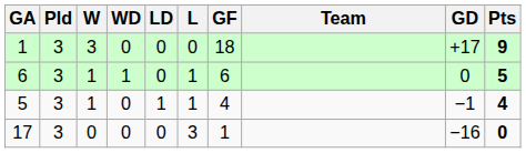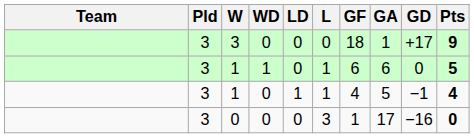 <table class="wikitable" style="text-align:center">
 <tr>
-<th width=20>GA</th>
+<th width=175>Team</th>
 <th width=20>Pld</th>
 <th width=20>W</th>
 <th width=20>WD</th>
 <th width=20>LD</th>
 <th width=20>L</th>
 <th width=20>GF</th>
-<th width=175>Team</th>
+<th width=20>GA</th>
 <th width=20>GD</th>
 <th width=20>Pts</th>
 </tr>
 <tr bgcolor=ccffcc>
-<td>1</td>
+<td align=left></td>
 <td>3</td>
 <td>3</td>
 <td>0</td>
 <td>0</td>
 <td>0</td>
 <td>18</td>
-<td align=left></td>
+<td>1</td>
 <td>+17</td>
 <td><strong>9</strong></td>
 </tr>
 <tr bgcolor=ccffcc>
-<td>6</td>
+<td align=left></td>
 <td>3</td>
 <td>1</td>
 <td>1</td>
 <td>0</td>
 <td>1</td>
 <td>6</td>
-<td align=left></td>
+<td>6</td>
 <td>0</td>
 <td><strong>5</strong></td>
 </tr>
 <tr>
-<td>5</td>
+<td align=left></td>
 <td>3</td>
 <td>1</td>
 <td>0</td>
 <td>1</td>
 <td>1</td>
 <td>4</td>
-<td align=left></td>
+<td>5</td>
 <td>−1</td>
 <td><strong>4</strong></td>
 </tr>
 <tr>
-<td>17</td>
+<td align=left></td>
 <td>3</td>
 <td>0</td>
 <td>0</td>
 <td>0</td>
 <td>3</td>
 <td>1</td>
-<td align=left></td>
+<td>17</td>
 <td>−16</td>
 <td><strong>0</strong></td>
 </tr>
 </table>
